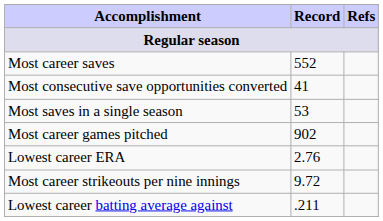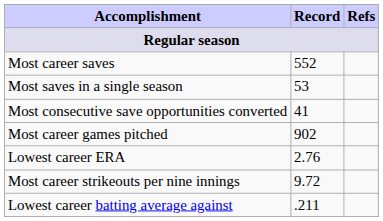 <table class="wikitable" text-align:center; margin: 5px;>
 <tr>
 </tr>
 <tr>
 <th style="background:#ccccff;">Accomplishment</th>
 <th style="background:#ccccff;">Record</th>
 <th style="background:#ccccff;">Refs</th>
 </tr>
 <tr>
 <th style="background:#ddddee;" colspan="3">Regular season</th>
 </tr>
 <tr>
 <td>Most career saves</td>
 <td>552</td>
 <td></td>
 </tr>
 <tr>
-<td>Most consecutive save opportunities converted</td>
-<td>41</td>
+<td>Most saves in a single season</td>
+<td>53 </td>
 <td></td>
 </tr>
 <tr>
-<td>Most saves in a single season</td>
-<td>53 </td>
+<td>Most consecutive save opportunities converted</td>
+<td>41</td>
 <td></td>
 </tr>
 <tr>
 <td>Most career games pitched</td>
 <td>902</td>
 <td></td>
 </tr>
 <tr>
 <td>Lowest career ERA</td>
 <td>2.76</td>
 <td></td>
 </tr>
 <tr>
 <td>Most career strikeouts per nine innings</td>
 <td>9.72</td>
 <td></td>
 </tr>
 <tr>
 <td>Lowest career <a href='#'>batting average against</a></td>
 <td>.211</td>
 <td></td>
 </tr>
 </table>
